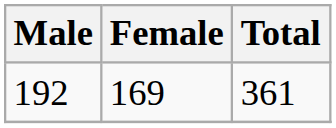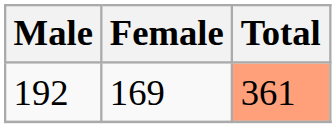 <table class="wikitable">
 <tr>
 <th>Male</th>
 <th>Female</th>
 <th>Total</th>
 </tr>
 <tr>
 <td>192</td>
 <td>169</td>
-<td>361</td>
+<td style="background: lightsalmon;">361</td>
 </tr>
 <tr>
 </tr>
 </table>
